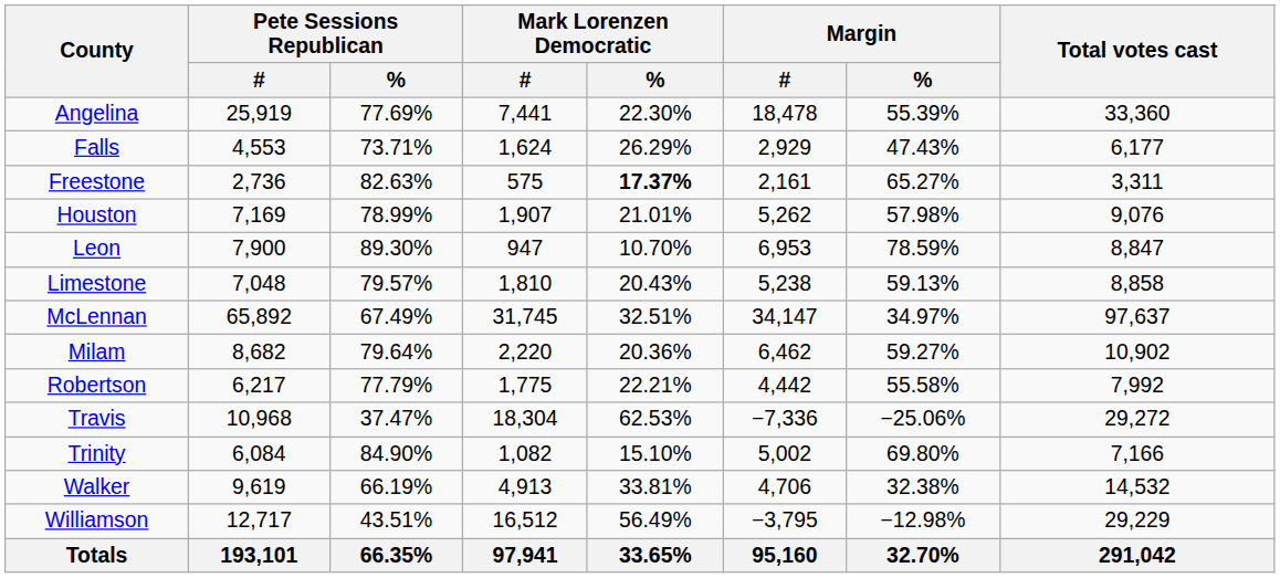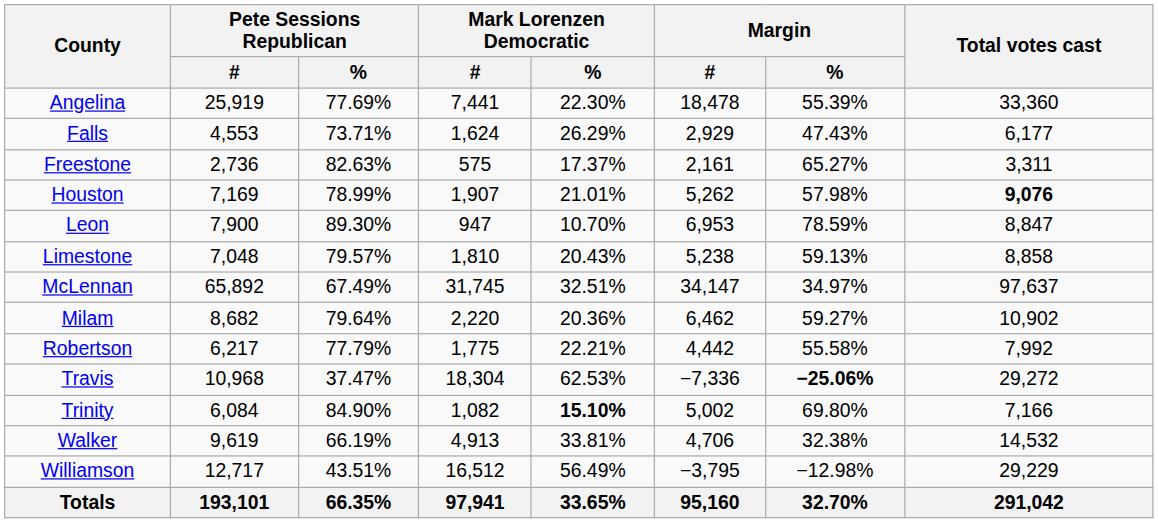 <table width="60%"  class="wikitable sortable" style="text-align:center">
 <tr>
 <th rowspan="2">County</th>
 <th style="text-align:center;" colspan="2">Pete Sessions<br>Republican</th>
 <th style="text-align:center;" colspan="2">Mark Lorenzen<br>Democratic</th>
 <th style="text-align:center;" colspan="2">Margin</th>
 <th rowspan="2" style="text-align:center;">Total votes cast</th>
 </tr>
 <tr>
 <th style="text-align:center;" data-sort-type="number">#</th>
 <th style="text-align:center;" data-sort-type="number">%</th>
 <th style="text-align:center;" data-sort-type="number">#</th>
 <th style="text-align:center;" data-sort-type="number">%</th>
 <th style="text-align:center;" data-sort-type="number">#</th>
 <th style="text-align:center;" data-sort-type="number">%</th>
 </tr>
 <tr style="text-align:center;">
 <td style="background-color:"><a href='#'>Angelina</a></td>
 <td style="background-color:">25,919</td>
 <td style="background-color:">77.69%</td>
 <td style="color:black;background-color:">7,441</td>
 <td style="color:black;background-color:">22.30%</td>
 <td style="background-color:">18,478</td>
 <td style="background-color:">55.39%</td>
 <td style="background-color:">33,360</td>
 </tr>
 <tr style="text-align:center;">
 <td style="background-color:"><a href='#'>Falls</a></td>
 <td style="background-color:">4,553</td>
 <td style="background-color:">73.71%</td>
 <td style="color:black;background-color:">1,624</td>
 <td style="color:black;background-color:">26.29%</td>
 <td style="background-color:">2,929</td>
 <td style="background-color:">47.43%</td>
 <td style="background-color:">6,177</td>
 </tr>
 <tr style="text-align:center;">
 <td style="background-color:"><a href='#'>Freestone</a></td>
 <td style="background-color:">2,736</td>
 <td style="background-color:">82.63%</td>
 <td style="color:black;background-color:">575</td>
-<td style="color:black;background-color:"><strong>17.37%</strong></td>
+<td style="color:black;background-color:">17.37%</td>
 <td style="background-color:">2,161</td>
 <td style="background-color:">65.27%</td>
 <td style="background-color:">3,311</td>
 </tr>
 <tr style="text-align:center;">
 <td style="background-color:"><a href='#'>Houston</a></td>
 <td style="background-color:">7,169</td>
 <td style="background-color:">78.99%</td>
 <td style="color:black;background-color:">1,907</td>
 <td style="color:black;background-color:">21.01%</td>
 <td style="background-color:">5,262</td>
 <td style="background-color:">57.98%</td>
-<td style="background-color:">9,076</td>
+<td style="background-color:"><strong>9,076</strong></td>
 </tr>
 <tr style="text-align:center;">
 <td style="background-color:"><a href='#'>Leon</a></td>
 <td style="background-color:">7,900</td>
 <td style="background-color:">89.30%</td>
 <td style="color:black;background-color:">947</td>
 <td style="color:black;background-color:">10.70%</td>
 <td style="background-color:">6,953</td>
 <td style="background-color:">78.59%</td>
 <td style="background-color:">8,847</td>
 </tr>
 <tr style="text-align:center;">
 <td style="background-color:"><a href='#'>Limestone</a></td>
 <td style="background-color:">7,048</td>
 <td style="background-color:">79.57%</td>
 <td style="color:black;background-color:">1,810</td>
 <td style="color:black;background-color:">20.43%</td>
 <td style="background-color:">5,238</td>
 <td style="background-color:">59.13%</td>
 <td style="background-color:">8,858</td>
 </tr>
 <tr style="text-align:center;">
 <td style="background-color:"><a href='#'>McLennan</a></td>
 <td style="background-color:">65,892</td>
 <td style="background-color:">67.49%</td>
 <td style="color:black;background-color:">31,745</td>
 <td style="color:black;background-color:">32.51%</td>
 <td style="background-color:">34,147</td>
 <td style="background-color:">34.97%</td>
 <td style="background-color:">97,637</td>
 </tr>
 <tr style="text-align:center;">
 <td style="background-color:"><a href='#'>Milam</a></td>
 <td style="background-color:">8,682</td>
 <td style="background-color:">79.64%</td>
 <td style="color:black;background-color:">2,220</td>
 <td style="color:black;background-color:">20.36%</td>
 <td style="background-color:">6,462</td>
 <td style="background-color:">59.27%</td>
 <td style="background-color:">10,902</td>
 </tr>
 <tr style="text-align:center;">
 <td style="background-color:"><a href='#'>Robertson</a></td>
 <td style="background-color:">6,217</td>
 <td style="background-color:">77.79%</td>
 <td style="color:black;background-color:">1,775</td>
 <td style="color:black;background-color:">22.21%</td>
 <td style="background-color:">4,442</td>
 <td style="background-color:">55.58%</td>
 <td style="background-color:">7,992</td>
 </tr>
 <tr style="text-align:center;">
 <td style="color:black;background-color:"><a href='#'>Travis</a></td>
 <td style="background-color:">10,968</td>
 <td style="background-color:">37.47%</td>
 <td style="color:black;background-color:">18,304</td>
 <td style="color:black;background-color:">62.53%</td>
 <td style="color:black;background-color:">−7,336</td>
-<td style="color:black;background-color:">−25.06%</td>
+<td style="color:black;background-color:"><strong>−25.06%</strong></td>
 <td style="color:black;background-color:">29,272</td>
 </tr>
 <tr style="text-align:center;">
 <td style="background-color:"><a href='#'>Trinity</a></td>
 <td style="background-color:">6,084</td>
 <td style="background-color:">84.90%</td>
 <td style="color:black;background-color:">1,082</td>
-<td style="color:black;background-color:">15.10%</td>
+<td style="color:black;background-color:"><strong>15.10%</strong></td>
 <td style="background-color:">5,002</td>
 <td style="background-color:">69.80%</td>
 <td style="background-color:">7,166</td>
 </tr>
 <tr style="text-align:center;">
 <td style="background-color:"><a href='#'>Walker</a></td>
 <td style="background-color:">9,619</td>
 <td style="background-color:">66.19%</td>
 <td style="color:black;background-color:">4,913</td>
 <td style="color:black;background-color:">33.81%</td>
 <td style="background-color:">4,706</td>
 <td style="background-color:">32.38%</td>
 <td style="background-color:">14,532</td>
 </tr>
 <tr style="text-align:center;">
 <td style="color:black;background-color:"><a href='#'>Williamson</a></td>
 <td style="background-color:">12,717</td>
 <td style="background-color:">43.51%</td>
 <td style="color:black;background-color:">16,512</td>
 <td style="color:black;background-color:">56.49%</td>
 <td style="color:black;background-color:">−3,795</td>
 <td style="color:black;background-color:">−12.98%</td>
 <td style="color:black;background-color:">29,229</td>
 </tr>
 <tr style="text-align:center;">
 <th>Totals</th>
 <th>193,101</th>
 <th>66.35%</th>
 <th>97,941</th>
 <th>33.65%</th>
 <th>95,160</th>
 <th>32.70%</th>
 <th>291,042</th>
 </tr>
 </table>
